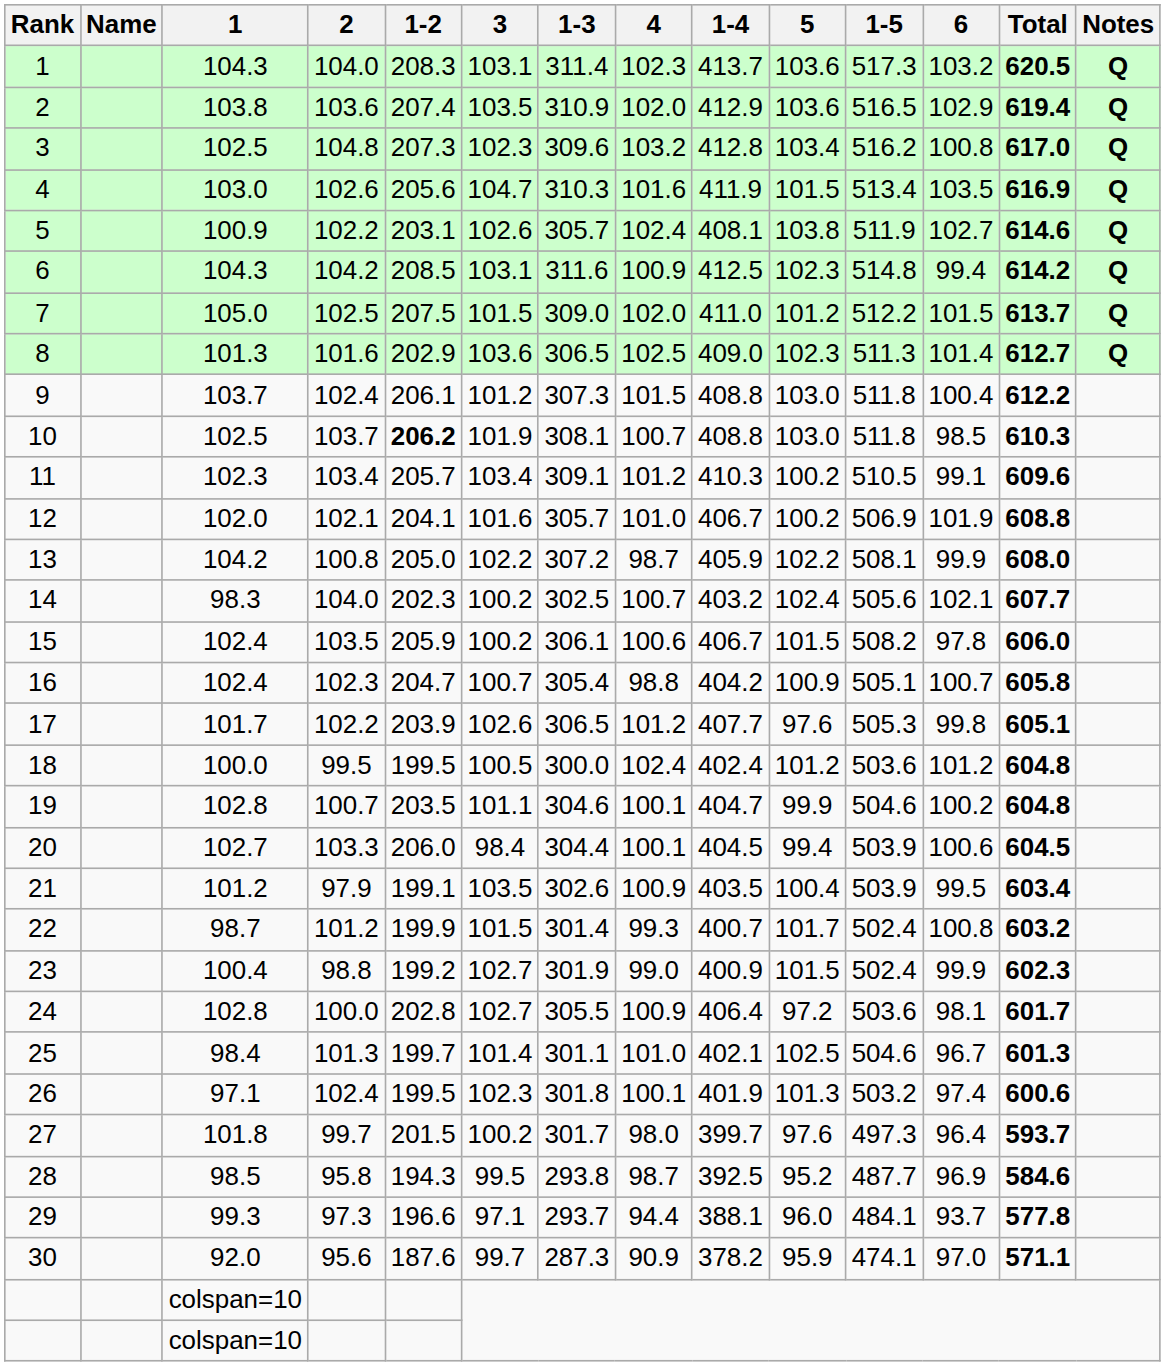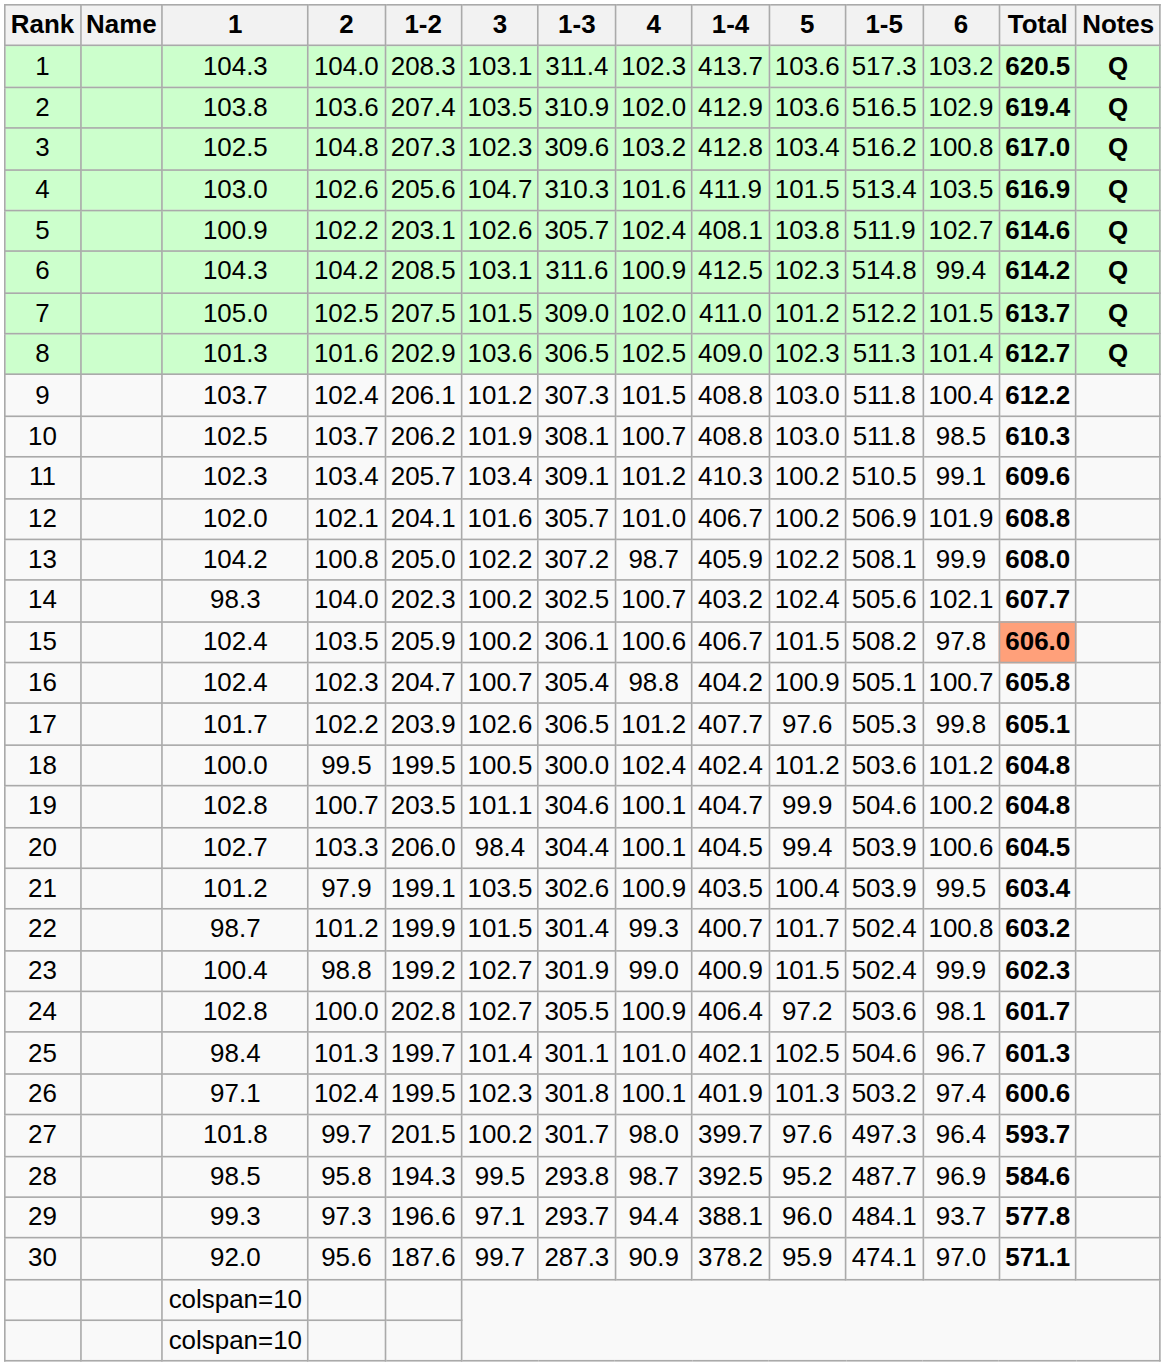 <table class="wikitable sortable" style="text-align:center;">
 <tr>
 <th>Rank</th>
 <th>Name</th>
 <th>1</th>
 <th>2</th>
 <th>1-2</th>
 <th>3</th>
 <th>1-3</th>
 <th>4</th>
 <th>1-4</th>
 <th>5</th>
 <th>1-5</th>
 <th>6</th>
 <th>Total</th>
 <th>Notes</th>
 </tr>
 <tr bgcolor=ccffcc>
 <td>1</td>
 <td align=left></td>
 <td>104.3</td>
 <td>104.0</td>
 <td>208.3</td>
 <td>103.1</td>
 <td>311.4</td>
 <td>102.3</td>
 <td>413.7</td>
 <td>103.6</td>
 <td>517.3</td>
 <td>103.2</td>
 <td><strong>620.5</strong></td>
 <td><strong>Q</strong></td>
 </tr>
 <tr bgcolor=ccffcc>
 <td>2</td>
 <td align=left></td>
 <td>103.8</td>
 <td>103.6</td>
 <td>207.4</td>
 <td>103.5</td>
 <td>310.9</td>
 <td>102.0</td>
 <td>412.9</td>
 <td>103.6</td>
 <td>516.5</td>
 <td>102.9</td>
 <td><strong>619.4</strong></td>
 <td><strong>Q</strong></td>
 </tr>
 <tr bgcolor=ccffcc>
 <td>3</td>
 <td align=left></td>
 <td>102.5</td>
 <td>104.8</td>
 <td>207.3</td>
 <td>102.3</td>
 <td>309.6</td>
 <td>103.2</td>
 <td>412.8</td>
 <td>103.4</td>
 <td>516.2</td>
 <td>100.8</td>
 <td><strong>617.0</strong></td>
 <td><strong>Q</strong></td>
 </tr>
 <tr bgcolor=ccffcc>
 <td>4</td>
 <td align=left></td>
 <td>103.0</td>
 <td>102.6</td>
 <td>205.6</td>
 <td>104.7</td>
 <td>310.3</td>
 <td>101.6</td>
 <td>411.9</td>
 <td>101.5</td>
 <td>513.4</td>
 <td>103.5</td>
 <td><strong>616.9</strong></td>
 <td><strong>Q</strong></td>
 </tr>
 <tr bgcolor=ccffcc>
 <td>5</td>
 <td align=left></td>
 <td>100.9</td>
 <td>102.2</td>
 <td>203.1</td>
 <td>102.6</td>
 <td>305.7</td>
 <td>102.4</td>
 <td>408.1</td>
 <td>103.8</td>
 <td>511.9</td>
 <td>102.7</td>
 <td><strong>614.6</strong></td>
 <td><strong>Q</strong></td>
 </tr>
 <tr bgcolor=ccffcc>
 <td>6</td>
 <td align=left></td>
 <td>104.3</td>
 <td>104.2</td>
 <td>208.5</td>
 <td>103.1</td>
 <td>311.6</td>
 <td>100.9</td>
 <td>412.5</td>
 <td>102.3</td>
 <td>514.8</td>
 <td>99.4</td>
 <td><strong>614.2</strong></td>
 <td><strong>Q</strong></td>
 </tr>
 <tr bgcolor=ccffcc>
 <td>7</td>
 <td align=left></td>
 <td>105.0</td>
 <td>102.5</td>
 <td>207.5</td>
 <td>101.5</td>
 <td>309.0</td>
 <td>102.0</td>
 <td>411.0</td>
 <td>101.2</td>
 <td>512.2</td>
 <td>101.5</td>
 <td><strong>613.7</strong></td>
 <td><strong>Q</strong></td>
 </tr>
 <tr bgcolor=ccffcc>
 <td>8</td>
 <td align=left></td>
 <td>101.3</td>
 <td>101.6</td>
 <td>202.9</td>
 <td>103.6</td>
 <td>306.5</td>
 <td>102.5</td>
 <td>409.0</td>
 <td>102.3</td>
 <td>511.3</td>
 <td>101.4</td>
 <td><strong>612.7</strong></td>
 <td><strong>Q</strong></td>
 </tr>
 <tr>
 <td>9</td>
 <td align=left></td>
 <td>103.7</td>
 <td>102.4</td>
 <td>206.1</td>
 <td>101.2</td>
 <td>307.3</td>
 <td>101.5</td>
 <td>408.8</td>
 <td>103.0</td>
 <td>511.8</td>
 <td>100.4</td>
 <td><strong>612.2</strong></td>
 <td></td>
 </tr>
 <tr>
 <td>10</td>
 <td align=left></td>
 <td>102.5</td>
 <td>103.7</td>
-<td><strong>206.2</strong></td>
+<td>206.2</td>
 <td>101.9</td>
 <td>308.1</td>
 <td>100.7</td>
 <td>408.8</td>
 <td>103.0</td>
 <td>511.8</td>
 <td>98.5</td>
 <td><strong>610.3</strong></td>
 <td></td>
 </tr>
 <tr>
 <td>11</td>
 <td align=left></td>
 <td>102.3</td>
 <td>103.4</td>
 <td>205.7</td>
 <td>103.4</td>
 <td>309.1</td>
 <td>101.2</td>
 <td>410.3</td>
 <td>100.2</td>
 <td>510.5</td>
 <td>99.1</td>
 <td><strong>609.6</strong></td>
 <td></td>
 </tr>
 <tr>
 <td>12</td>
 <td align=left></td>
 <td>102.0</td>
 <td>102.1</td>
 <td>204.1</td>
 <td>101.6</td>
 <td>305.7</td>
 <td>101.0</td>
 <td>406.7</td>
 <td>100.2</td>
 <td>506.9</td>
 <td>101.9</td>
 <td><strong>608.8</strong></td>
 <td></td>
 </tr>
 <tr>
 <td>13</td>
 <td align=left></td>
 <td>104.2</td>
 <td>100.8</td>
 <td>205.0</td>
 <td>102.2</td>
 <td>307.2</td>
 <td>98.7</td>
 <td>405.9</td>
 <td>102.2</td>
 <td>508.1</td>
 <td>99.9</td>
 <td><strong>608.0</strong></td>
 <td></td>
 </tr>
 <tr>
 <td>14</td>
 <td align=left></td>
 <td>98.3</td>
 <td>104.0</td>
 <td>202.3</td>
 <td>100.2</td>
 <td>302.5</td>
 <td>100.7</td>
 <td>403.2</td>
 <td>102.4</td>
 <td>505.6</td>
 <td>102.1</td>
 <td><strong>607.7</strong></td>
 <td></td>
 </tr>
 <tr>
 <td>15</td>
 <td align=left></td>
 <td>102.4</td>
 <td>103.5</td>
 <td>205.9</td>
 <td>100.2</td>
 <td>306.1</td>
 <td>100.6</td>
 <td>406.7</td>
 <td>101.5</td>
 <td>508.2</td>
 <td>97.8</td>
-<td><strong>606.0</strong></td>
+<td style="background: lightsalmon;"><strong>606.0</strong></td>
 <td></td>
 </tr>
 <tr>
 <td>16</td>
 <td align=left></td>
 <td>102.4</td>
 <td>102.3</td>
 <td>204.7</td>
 <td>100.7</td>
 <td>305.4</td>
 <td>98.8</td>
 <td>404.2</td>
 <td>100.9</td>
 <td>505.1</td>
 <td>100.7</td>
 <td><strong>605.8</strong></td>
 <td></td>
 </tr>
 <tr>
 <td>17</td>
 <td align=left></td>
 <td>101.7</td>
 <td>102.2</td>
 <td>203.9</td>
 <td>102.6</td>
 <td>306.5</td>
 <td>101.2</td>
 <td>407.7</td>
 <td>97.6</td>
 <td>505.3</td>
 <td>99.8</td>
 <td><strong>605.1</strong></td>
 <td></td>
 </tr>
 <tr>
 <td>18</td>
 <td align=left></td>
 <td>100.0</td>
 <td>99.5</td>
 <td>199.5</td>
 <td>100.5</td>
 <td>300.0</td>
 <td>102.4</td>
 <td>402.4</td>
 <td>101.2</td>
 <td>503.6</td>
 <td>101.2</td>
 <td><strong>604.8</strong></td>
 <td></td>
 </tr>
 <tr>
 <td>19</td>
 <td align=left></td>
 <td>102.8</td>
 <td>100.7</td>
 <td>203.5</td>
 <td>101.1</td>
 <td>304.6</td>
 <td>100.1</td>
 <td>404.7</td>
 <td>99.9</td>
 <td>504.6</td>
 <td>100.2</td>
 <td><strong>604.8</strong></td>
 <td></td>
 </tr>
 <tr>
 <td>20</td>
 <td align=left></td>
 <td>102.7</td>
 <td>103.3</td>
 <td>206.0</td>
 <td>98.4</td>
 <td>304.4</td>
 <td>100.1</td>
 <td>404.5</td>
 <td>99.4</td>
 <td>503.9</td>
 <td>100.6</td>
 <td><strong>604.5</strong></td>
 <td></td>
 </tr>
 <tr>
 <td>21</td>
 <td align=left></td>
 <td>101.2</td>
 <td>97.9</td>
 <td>199.1</td>
 <td>103.5</td>
 <td>302.6</td>
 <td>100.9</td>
 <td>403.5</td>
 <td>100.4</td>
 <td>503.9</td>
 <td>99.5</td>
 <td><strong>603.4</strong></td>
 <td></td>
 </tr>
 <tr>
 <td>22</td>
 <td align=left></td>
 <td>98.7</td>
 <td>101.2</td>
 <td>199.9</td>
 <td>101.5</td>
 <td>301.4</td>
 <td>99.3</td>
 <td>400.7</td>
 <td>101.7</td>
 <td>502.4</td>
 <td>100.8</td>
 <td><strong>603.2</strong></td>
 <td></td>
 </tr>
 <tr>
 <td>23</td>
 <td align=left></td>
 <td>100.4</td>
 <td>98.8</td>
 <td>199.2</td>
 <td>102.7</td>
 <td>301.9</td>
 <td>99.0</td>
 <td>400.9</td>
 <td>101.5</td>
 <td>502.4</td>
 <td>99.9</td>
 <td><strong>602.3</strong></td>
 <td></td>
 </tr>
 <tr>
 <td>24</td>
 <td align=left></td>
 <td>102.8</td>
 <td>100.0</td>
 <td>202.8</td>
 <td>102.7</td>
 <td>305.5</td>
 <td>100.9</td>
 <td>406.4</td>
 <td>97.2</td>
 <td>503.6</td>
 <td>98.1</td>
 <td><strong>601.7</strong></td>
 <td></td>
 </tr>
 <tr>
 <td>25</td>
 <td align=left></td>
 <td>98.4</td>
 <td>101.3</td>
 <td>199.7</td>
 <td>101.4</td>
 <td>301.1</td>
 <td>101.0</td>
 <td>402.1</td>
 <td>102.5</td>
 <td>504.6</td>
 <td>96.7</td>
 <td><strong>601.3</strong></td>
 <td></td>
 </tr>
 <tr>
 <td>26</td>
 <td align=left></td>
 <td>97.1</td>
 <td>102.4</td>
 <td>199.5</td>
 <td>102.3</td>
 <td>301.8</td>
 <td>100.1</td>
 <td>401.9</td>
 <td>101.3</td>
 <td>503.2</td>
 <td>97.4</td>
 <td><strong>600.6</strong></td>
 <td></td>
 </tr>
 <tr>
 <td>27</td>
 <td align=left></td>
 <td>101.8</td>
 <td>99.7</td>
 <td>201.5</td>
 <td>100.2</td>
 <td>301.7</td>
 <td>98.0</td>
 <td>399.7</td>
 <td>97.6</td>
 <td>497.3</td>
 <td>96.4</td>
 <td><strong>593.7</strong></td>
 <td></td>
 </tr>
 <tr>
 <td>28</td>
 <td align=left></td>
 <td>98.5</td>
 <td>95.8</td>
 <td>194.3</td>
 <td>99.5</td>
 <td>293.8</td>
 <td>98.7</td>
 <td>392.5</td>
 <td>95.2</td>
 <td>487.7</td>
 <td>96.9</td>
 <td><strong>584.6</strong></td>
 <td></td>
 </tr>
 <tr>
 <td>29</td>
 <td align=left></td>
 <td>99.3</td>
 <td>97.3</td>
 <td>196.6</td>
 <td>97.1</td>
 <td>293.7</td>
 <td>94.4</td>
 <td>388.1</td>
 <td>96.0</td>
 <td>484.1</td>
 <td>93.7</td>
 <td><strong>577.8</strong></td>
 <td></td>
 </tr>
 <tr>
 <td>30</td>
 <td align=left></td>
 <td>92.0</td>
 <td>95.6</td>
 <td>187.6</td>
 <td>99.7</td>
 <td>287.3</td>
 <td>90.9</td>
 <td>378.2</td>
 <td>95.9</td>
 <td>474.1</td>
 <td>97.0</td>
 <td><strong>571.1</strong></td>
 <td></td>
 </tr>
 <tr>
 <td></td>
 <td align=left></td>
 <td>colspan=10 </td>
 <td></td>
 <td></td>
 </tr>
 <tr>
 <td></td>
 <td align=left></td>
 <td>colspan=10 </td>
 <td></td>
 <td></td>
 </tr>
 </table>
